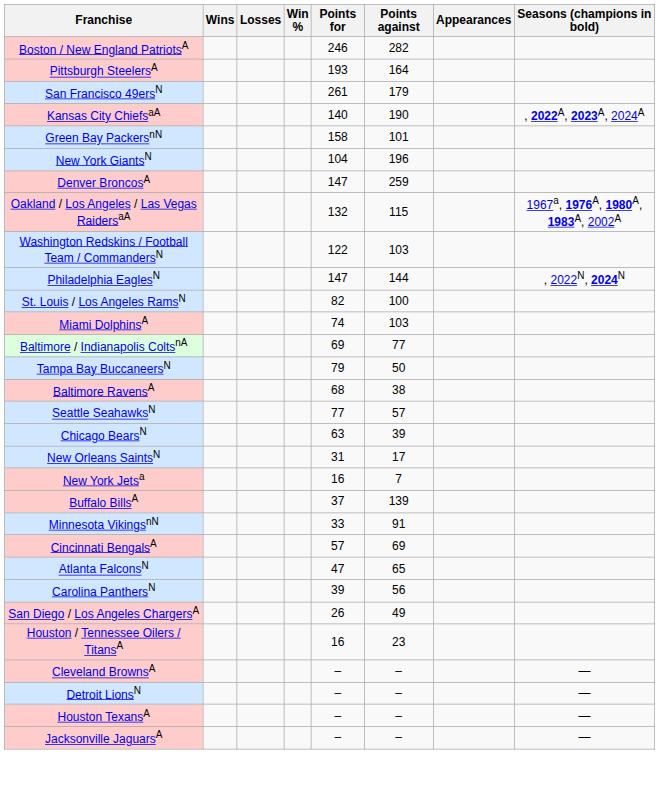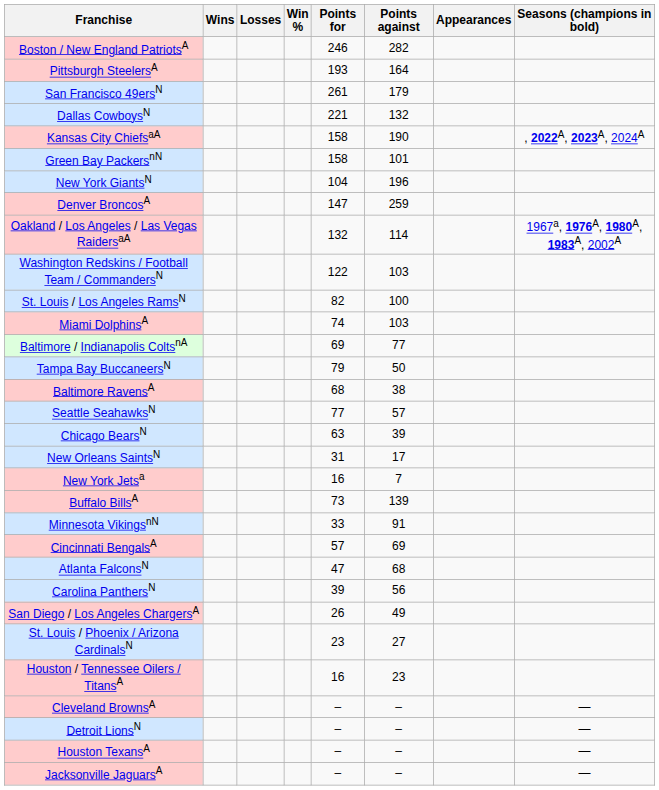 <table class="wikitable sortable">
 <tr>
 <th>Franchise</th>
 <th>Wins</th>
 <th>Losses</th>
 <th>Win<br>%</th>
 <th>Points for</th>
 <th>Points against</th>
 <th>Appearances</th>
 <th>Seasons (champions in bold)</th>
 </tr>
 <tr align=center>
 <td align=center style="background:#ffcccc;"><a href='#'>Boston / New England Patriots</a><sup>A</sup></td>
 <td></td>
 <td></td>
 <td></td>
 <td>246</td>
 <td>282</td>
 <td></td>
 <td align=center></td>
 </tr>
 <tr align=center>
 <td align=center style="background:#ffcccc;"><a href='#'>Pittsburgh Steelers</a><sup>A</sup></td>
 <td></td>
 <td></td>
 <td></td>
 <td>193</td>
 <td>164</td>
 <td></td>
 <td align=center></td>
 </tr>
 <tr align=center>
 <td style="background:#d0e7ff;" align=center><a href='#'>San Francisco 49ers</a><sup>N</sup></td>
 <td></td>
 <td></td>
 <td></td>
 <td>261</td>
 <td>179</td>
 <td></td>
 <td align=center></td>
 </tr>
 <tr align=center>
+<td align=center style="background:#d0e7ff;"><a href='#'>Dallas Cowboys</a><sup>N</sup></td>
+<td></td>
+<td></td>
+<td></td>
+<td>221</td>
+<td>132</td>
+<td></td>
+<td align=center></td>
+</tr>
+<tr align=center>
 <td style="background:#ffcccc;" align="center"><a href='#'>Kansas City Chiefs</a><sup>aA</sup></td>
 <td></td>
 <td></td>
 <td></td>
-<td>140</td>
+<td>158</td>
 <td>190</td>
 <td></td>
 <td align="center">, <strong><a href='#'>2022</a></strong><sup>A</sup>, <strong><a href='#'>2023</a></strong><sup>A</sup>, <a href='#'>2024</a><sup>A</sup></td>
 </tr>
 <tr align=center>
 <td style="background:#d0e7ff;" align=center><a href='#'>Green Bay Packers</a><sup>nN</sup></td>
 <td></td>
 <td></td>
 <td></td>
 <td>158</td>
 <td>101</td>
 <td></td>
 <td align=center></td>
 </tr>
 <tr align=center>
 <td style="background:#d0e7ff;" align=center><a href='#'>New York Giants</a><sup>N</sup></td>
 <td></td>
 <td></td>
 <td></td>
 <td>104</td>
 <td>196</td>
 <td></td>
 <td align=center></td>
 </tr>
 <tr align=center>
 <td align=center style="background:#ffcccc;"><a href='#'>Denver Broncos</a><sup>A</sup></td>
 <td></td>
 <td></td>
 <td></td>
 <td>147</td>
 <td>259</td>
 <td></td>
 <td align=center></td>
 </tr>
 <tr align=center>
 <td style="background:#ffcccc;" align=center><a href='#'>Oakland</a> / <a href='#'>Los Angeles</a> / <a href='#'>Las Vegas Raiders</a><sup>aA</sup></td>
 <td></td>
 <td></td>
 <td></td>
 <td>132</td>
-<td>115</td>
+<td>114</td>
 <td></td>
 <td align=center><a href='#'>1967</a><sup>a</sup>, <strong><a href='#'>1976</a></strong><sup>A</sup>, <strong><a href='#'>1980</a></strong><sup>A</sup>, <strong><a href='#'>1983</a></strong><sup>A</sup>, <a href='#'>2002</a><sup>A</sup></td>
 </tr>
 <tr align="center">
 <td style="background:#d0e7ff;" align="center"><a href='#'>Washington Redskins / Football Team / Commanders</a><sup>N</sup></td>
 <td></td>
 <td></td>
 <td></td>
 <td>122</td>
 <td>103</td>
 <td></td>
 <td align="center"></td>
-</tr>
-<tr align="center">
-<td style="background:#d0e7ff;" align="center"><a href='#'>Philadelphia Eagles</a><sup>N</sup></td>
-<td></td>
-<td></td>
-<td></td>
-<td>147</td>
-<td>144</td>
-<td></td>
-<td align="center">, <a href='#'>2022</a><sup>N</sup>, <strong><a href='#'>2024</a></strong><sup>N</sup></td>
 </tr>
 <tr align=center>
 <td style="background:#d0e7ff;" align=center><a href='#'>St. Louis</a> / <a href='#'>Los Angeles Rams</a><sup>N</sup></td>
 <td></td>
 <td></td>
 <td></td>
 <td>82</td>
 <td>100</td>
 <td></td>
 <td align=center></td>
 </tr>
 <tr align="center">
 <td style="background:#ffcccc;" align=center><a href='#'>Miami Dolphins</a><sup>A</sup></td>
 <td></td>
 <td></td>
 <td></td>
 <td>74</td>
 <td>103</td>
 <td></td>
 <td align=center></td>
 </tr>
 <tr align=center>
 <td style="background:#ddffdd;" align=center><a href='#'>Baltimore</a> / <a href='#'>Indianapolis Colts</a><sup>nA</sup></td>
 <td></td>
 <td></td>
 <td></td>
 <td>69</td>
 <td>77</td>
 <td></td>
 <td align=center></td>
 </tr>
 <tr align=center>
 <td style="background:#d0e7ff;" align=center><a href='#'>Tampa Bay Buccaneers</a><sup>N</sup></td>
 <td></td>
 <td></td>
 <td></td>
 <td>79</td>
 <td>50</td>
 <td></td>
 <td align=center></td>
 </tr>
 <tr align=center>
 <td style="background:#ffcccc;" align=center><a href='#'>Baltimore Ravens</a><sup>A</sup></td>
 <td></td>
 <td></td>
 <td></td>
 <td>68</td>
 <td>38</td>
 <td></td>
 <td align=center></td>
 </tr>
 <tr align=center>
 <td style="background:#d0e7ff;" align=center><a href='#'>Seattle Seahawks</a><sup>N</sup></td>
 <td></td>
 <td></td>
 <td></td>
 <td>77</td>
 <td>57</td>
 <td></td>
 <td align=center></td>
 </tr>
 <tr align=center>
 <td style="background:#d0e7ff;" align=center><a href='#'>Chicago Bears</a><sup>N</sup></td>
 <td></td>
 <td></td>
 <td></td>
 <td>63</td>
 <td>39</td>
 <td></td>
 <td align=center></td>
 </tr>
 <tr align=center>
 <td style="background:#d0e7ff;" align=center><a href='#'>New Orleans Saints</a><sup>N</sup></td>
 <td></td>
 <td></td>
 <td></td>
 <td>31</td>
 <td>17</td>
 <td></td>
 <td align=center></td>
 </tr>
 <tr align=center>
 <td style="background:#ffcccc;" align=center><a href='#'>New York Jets</a><sup>a</sup></td>
 <td></td>
 <td></td>
 <td></td>
 <td>16</td>
 <td>7</td>
 <td></td>
 <td align=center></td>
 </tr>
 <tr align=center>
 <td style="background:#ffcccc;" align=center><a href='#'>Buffalo Bills</a><sup>A</sup></td>
 <td></td>
 <td></td>
 <td></td>
-<td>37</td>
+<td>73</td>
 <td>139</td>
 <td></td>
 <td align=center></td>
 </tr>
 <tr align=center>
 <td style="background:#d0e7ff;" align=center><a href='#'>Minnesota Vikings</a><sup>nN</sup></td>
 <td></td>
 <td></td>
 <td></td>
 <td>33</td>
 <td>91</td>
 <td></td>
 <td align=center></td>
 </tr>
 <tr align=center>
 <td style="background:#ffcccc;" align=center><a href='#'>Cincinnati Bengals</a><sup>A</sup></td>
 <td></td>
 <td></td>
 <td></td>
 <td>57</td>
 <td>69</td>
 <td></td>
 <td align=center></td>
 </tr>
 <tr align=center>
 <td style="background:#d0e7ff;" align=center><a href='#'>Atlanta Falcons</a><sup>N</sup></td>
 <td></td>
 <td></td>
 <td></td>
 <td>47</td>
-<td>65</td>
+<td>68</td>
 <td></td>
 <td align=center></td>
 </tr>
 <tr align=center>
 <td style="background:#d0e7ff;" align=center><a href='#'>Carolina Panthers</a><sup>N</sup></td>
 <td></td>
 <td></td>
 <td></td>
 <td>39</td>
 <td>56</td>
 <td></td>
 <td align=center></td>
 </tr>
 <tr align=center>
 <td style="background:#ffcccc;" align=center><a href='#'>San Diego</a> / <a href='#'>Los Angeles Chargers</a><sup>A</sup></td>
 <td></td>
 <td></td>
 <td></td>
 <td>26</td>
 <td>49</td>
+<td></td>
+<td align=center></td>
+</tr>
+<tr align=center>
+<td style="background:#d0e7ff;" align=center><a href='#'>St. Louis</a> / <a href='#'>Phoenix / Arizona Cardinals</a><sup>N</sup></td>
+<td></td>
+<td></td>
+<td></td>
+<td>23</td>
+<td>27</td>
 <td></td>
 <td align=center></td>
 </tr>
 <tr align=center>
 <td style="background:#ffcccc;" align=center><a href='#'>Houston</a> / <a href='#'>Tennessee Oilers / Titans</a><sup>A</sup></td>
 <td></td>
 <td></td>
 <td></td>
 <td>16</td>
 <td>23</td>
 <td></td>
 <td align=center></td>
 </tr>
 <tr align=center>
 <td style="background:#ffcccc;" align=center><a href='#'>Cleveland Browns</a><sup>A</sup></td>
 <td></td>
 <td></td>
 <td></td>
 <td>–</td>
 <td>–</td>
 <td></td>
 <td align=center>—</td>
 </tr>
 <tr align=center>
 <td style="background:#d0e7ff;" align=center><a href='#'>Detroit Lions</a><sup>N</sup></td>
 <td></td>
 <td></td>
 <td></td>
 <td>–</td>
 <td>–</td>
 <td></td>
 <td align=center>—</td>
 </tr>
 <tr align=center>
 <td style="background:#ffcccc;" align=center><a href='#'>Houston Texans</a><sup>A</sup></td>
 <td></td>
 <td></td>
 <td></td>
 <td>–</td>
 <td>–</td>
 <td></td>
 <td align=center>—</td>
 </tr>
 <tr align=center>
 <td style="background:#ffcccc;" align=center><a href='#'>Jacksonville Jaguars</a><sup>A</sup></td>
 <td></td>
 <td></td>
 <td></td>
 <td>–</td>
 <td>–</td>
 <td></td>
 <td align=center>—</td>
 </tr>
 </table>
